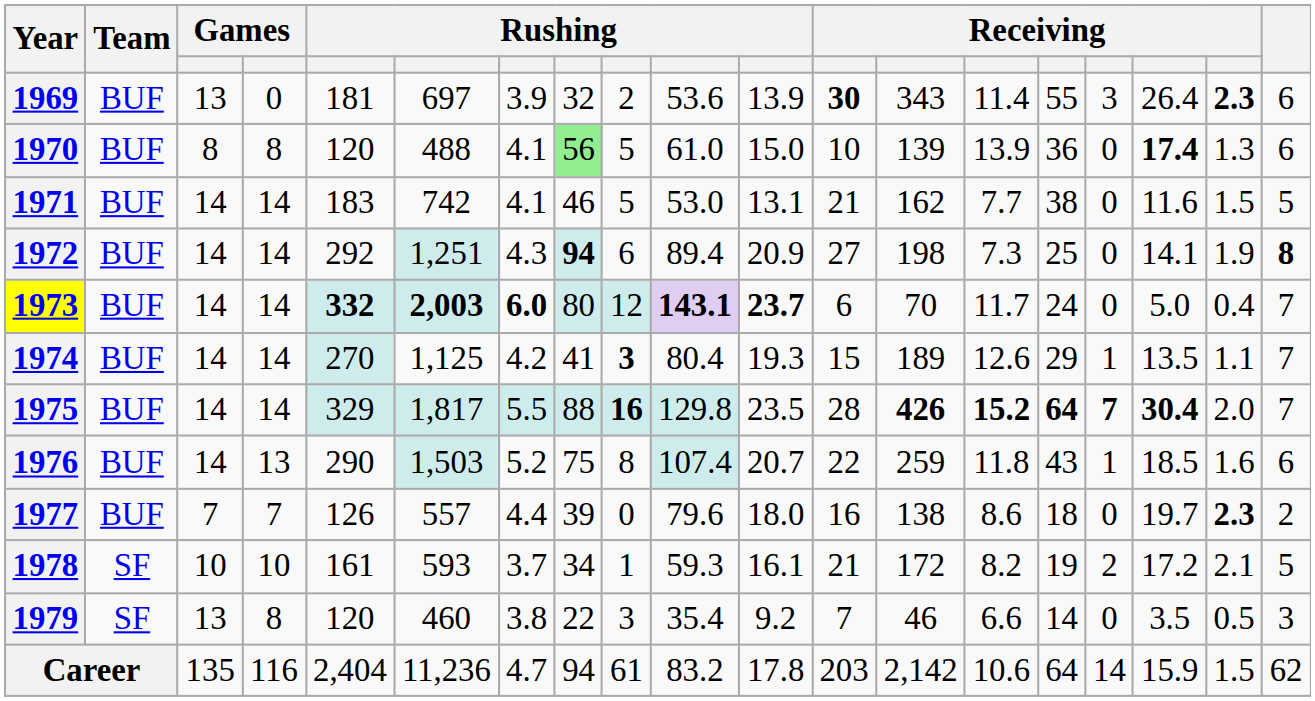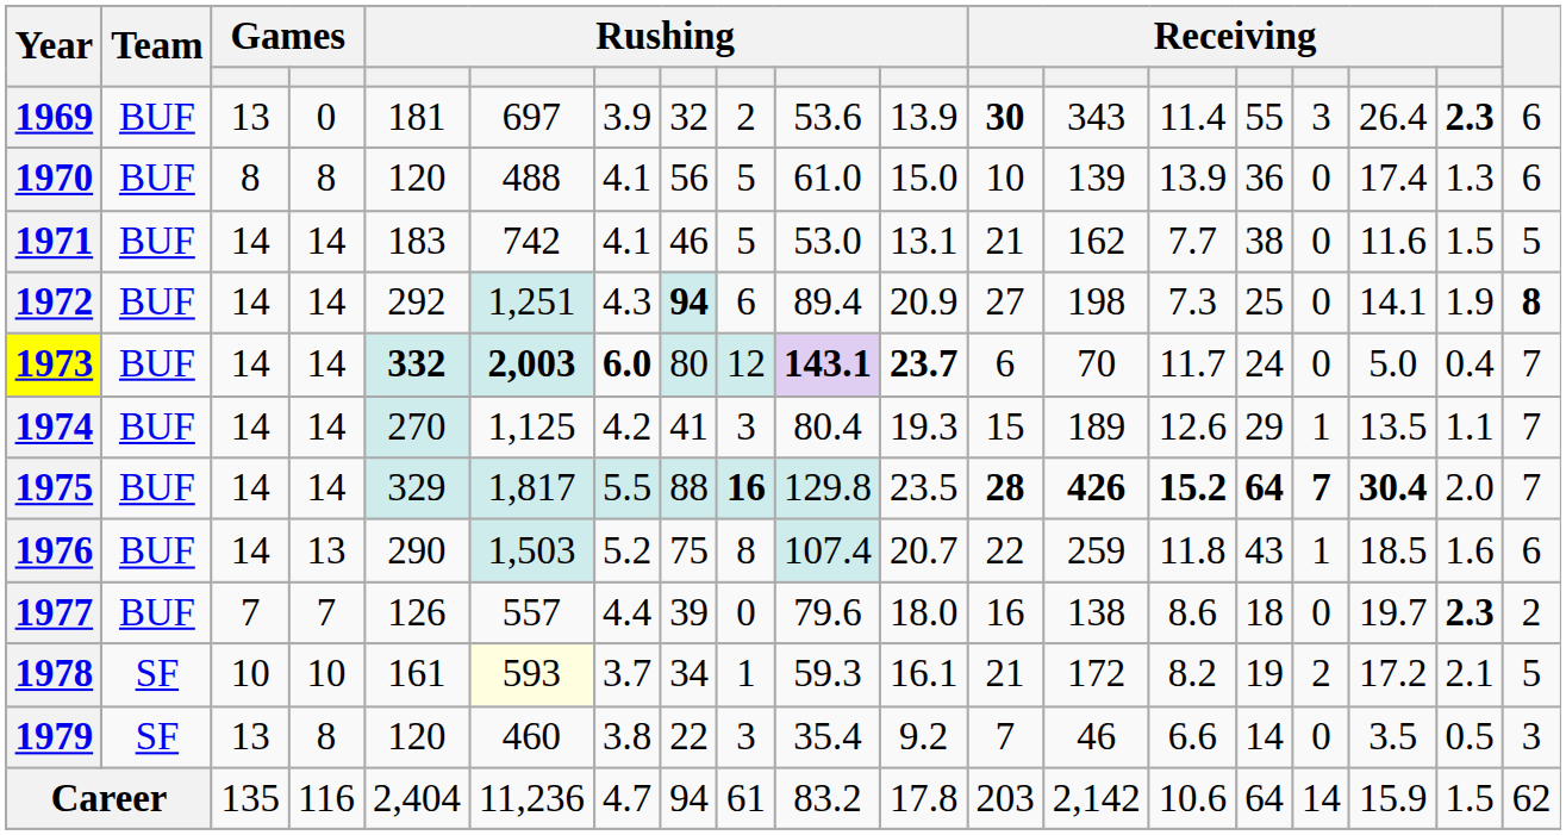 <table class="wikitable plainrowheaders" style="text-align: center;">
 <tr>
 <th scope="col" rowspan="2">Year</th>
 <th scope="col" rowspan="2">Team</th>
 <th scope="colgroup" colspan="2">Games</th>
 <th scope="colgroup" colspan="7">Rushing</th>
 <th scope="colgroup" colspan="7">Receiving</th>
 <th scope="col" rowspan="2"></th>
 </tr>
 <tr>
 <th scope="col"></th>
 <th scope="col"></th>
 <th scope="col"></th>
 <th scope="col"></th>
 <th scope="col"></th>
 <th scope="col"></th>
 <th scope="col"></th>
 <th scope="col"></th>
 <th scope="col"></th>
 <th scope="col"></th>
 <th scope="col"></th>
 <th scope="col"></th>
 <th scope="col"></th>
 <th scope="col"></th>
 <th scope="col"></th>
 <th scope="col"></th>
 </tr>
 <tr>
 <th scope="row"><a href='#'>1969</a></th>
 <td><a href='#'>BUF</a></td>
 <td>13</td>
 <td>0</td>
 <td>181</td>
 <td>697</td>
 <td>3.9</td>
 <td>32</td>
 <td>2</td>
 <td>53.6</td>
 <td>13.9</td>
 <td><strong>30</strong></td>
 <td>343</td>
 <td>11.4</td>
 <td>55</td>
 <td>3</td>
 <td>26.4</td>
 <td><strong>2.3</strong></td>
 <td>6</td>
 </tr>
 <tr>
 <th scope="row"><a href='#'>1970</a></th>
 <td><a href='#'>BUF</a></td>
 <td>8</td>
 <td>8</td>
 <td>120</td>
 <td>488</td>
 <td>4.1</td>
-<td style="background: lightgreen;">56</td>
+<td>56</td>
 <td>5</td>
 <td>61.0</td>
 <td>15.0</td>
 <td>10</td>
 <td>139</td>
 <td>13.9</td>
 <td>36</td>
 <td>0</td>
-<td><strong>17.4</strong></td>
+<td>17.4</td>
 <td>1.3</td>
 <td>6</td>
 </tr>
 <tr>
 <th scope="row"><a href='#'>1971</a></th>
 <td><a href='#'>BUF</a></td>
 <td>14</td>
 <td>14</td>
 <td>183</td>
 <td>742</td>
 <td>4.1</td>
 <td>46</td>
 <td>5</td>
 <td>53.0</td>
 <td>13.1</td>
 <td>21</td>
 <td>162</td>
 <td>7.7</td>
 <td>38</td>
 <td>0</td>
 <td>11.6</td>
 <td>1.5</td>
 <td>5</td>
 </tr>
 <tr>
 <th scope="row"><a href='#'>1972</a></th>
 <td><a href='#'>BUF</a></td>
 <td>14</td>
 <td>14</td>
 <td>292</td>
 <td style="background:#cfecec;">1,251</td>
 <td>4.3</td>
 <td style="background:#cfecec;"><strong>94</strong></td>
 <td>6</td>
 <td>89.4</td>
 <td>20.9</td>
 <td>27</td>
 <td>198</td>
 <td>7.3</td>
 <td>25</td>
 <td>0</td>
 <td>14.1</td>
 <td>1.9</td>
 <td><strong>8</strong></td>
 </tr>
 <tr>
 <th scope="row" style="background:#ff0; width:3em;"><a href='#'>1973</a></th>
 <td><a href='#'>BUF</a></td>
 <td>14</td>
 <td>14</td>
 <td style="background:#cfecec;"><strong>332</strong></td>
 <td style="background:#cfecec;"><strong>2,003</strong></td>
 <td><strong>6.0</strong></td>
 <td style="background:#cfecec;">80</td>
 <td style="background:#cfecec;">12</td>
 <td style="background:#e0cef2;"><strong>143.1</strong></td>
 <td><strong>23.7</strong></td>
 <td>6</td>
 <td>70</td>
 <td>11.7</td>
 <td>24</td>
 <td>0</td>
 <td>5.0</td>
 <td>0.4</td>
 <td>7</td>
 </tr>
 <tr>
 <th scope="row"><a href='#'>1974</a></th>
 <td><a href='#'>BUF</a></td>
 <td>14</td>
 <td>14</td>
 <td style="background:#cfecec;">270</td>
 <td>1,125</td>
 <td>4.2</td>
 <td>41</td>
-<td><strong>3</strong></td>
+<td>3</td>
 <td>80.4</td>
 <td>19.3</td>
 <td>15</td>
 <td>189</td>
 <td>12.6</td>
 <td>29</td>
 <td>1</td>
 <td>13.5</td>
 <td>1.1</td>
 <td>7</td>
 </tr>
 <tr>
 <th scope="row"><a href='#'>1975</a></th>
 <td><a href='#'>BUF</a></td>
 <td>14</td>
 <td>14</td>
 <td style="background:#cfecec;">329</td>
 <td style="background:#cfecec;">1,817</td>
 <td style="background:#cfecec;">5.5</td>
 <td style="background:#cfecec;">88</td>
 <td style="background:#cfecec;"><strong>16</strong></td>
 <td style="background:#cfecec;">129.8</td>
 <td>23.5</td>
-<td>28</td>
+<td><strong>28</strong></td>
 <td><strong>426</strong></td>
 <td><strong>15.2</strong></td>
 <td><strong>64</strong></td>
 <td><strong>7</strong></td>
 <td><strong>30.4</strong></td>
 <td>2.0</td>
 <td>7</td>
 </tr>
 <tr>
 <th scope="row"><a href='#'>1976</a></th>
 <td><a href='#'>BUF</a></td>
 <td>14</td>
 <td>13</td>
 <td>290</td>
 <td style="background:#cfecec;">1,503</td>
 <td>5.2</td>
 <td>75</td>
 <td>8</td>
 <td style="background:#cfecec;">107.4</td>
 <td>20.7</td>
 <td>22</td>
 <td>259</td>
 <td>11.8</td>
 <td>43</td>
 <td>1</td>
 <td>18.5</td>
 <td>1.6</td>
 <td>6</td>
 </tr>
 <tr>
 <th scope="row"><a href='#'>1977</a></th>
 <td><a href='#'>BUF</a></td>
 <td>7</td>
 <td>7</td>
 <td>126</td>
 <td>557</td>
 <td>4.4</td>
 <td>39</td>
 <td>0</td>
 <td>79.6</td>
 <td>18.0</td>
 <td>16</td>
 <td>138</td>
 <td>8.6</td>
 <td>18</td>
 <td>0</td>
 <td>19.7</td>
 <td><strong>2.3</strong></td>
 <td>2</td>
 </tr>
 <tr>
 <th scope="row"><a href='#'>1978</a></th>
 <td><a href='#'>SF</a></td>
 <td>10</td>
 <td>10</td>
 <td>161</td>
-<td>593</td>
+<td style="background: lightyellow;">593</td>
 <td>3.7</td>
 <td>34</td>
 <td>1</td>
 <td>59.3</td>
 <td>16.1</td>
 <td>21</td>
 <td>172</td>
 <td>8.2</td>
 <td>19</td>
 <td>2</td>
 <td>17.2</td>
 <td>2.1</td>
 <td>5</td>
 </tr>
 <tr>
 <th scope="row"><a href='#'>1979</a></th>
 <td><a href='#'>SF</a></td>
 <td>13</td>
 <td>8</td>
 <td>120</td>
 <td>460</td>
 <td>3.8</td>
 <td>22</td>
 <td>3</td>
 <td>35.4</td>
 <td>9.2</td>
 <td>7</td>
 <td>46</td>
 <td>6.6</td>
 <td>14</td>
 <td>0</td>
 <td>3.5</td>
 <td>0.5</td>
 <td>3</td>
 </tr>
 <tr>
 <th scope="row" colspan="2">Career</th>
 <td>135</td>
 <td>116</td>
 <td>2,404</td>
 <td>11,236</td>
 <td>4.7</td>
 <td>94</td>
 <td>61</td>
 <td>83.2</td>
 <td>17.8</td>
 <td>203</td>
 <td>2,142</td>
 <td>10.6</td>
 <td>64</td>
 <td>14</td>
 <td>15.9</td>
 <td>1.5</td>
 <td>62</td>
 </tr>
 </table>
